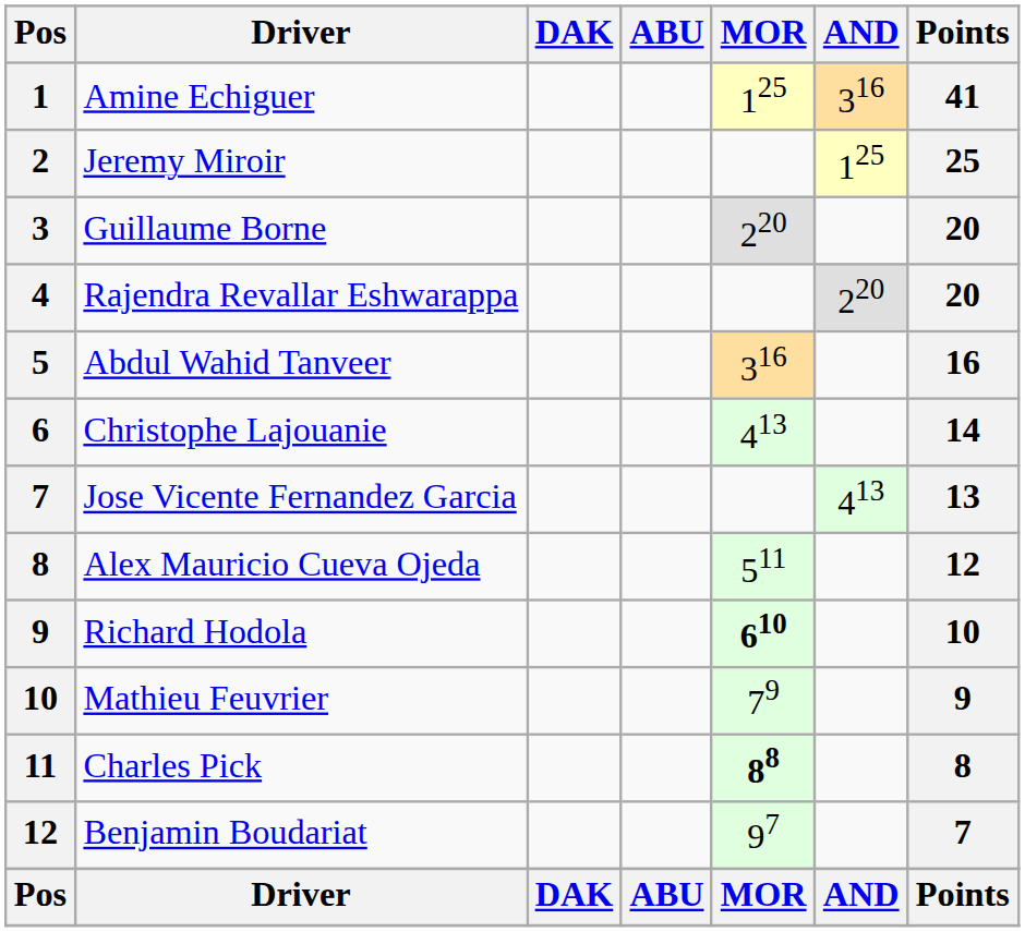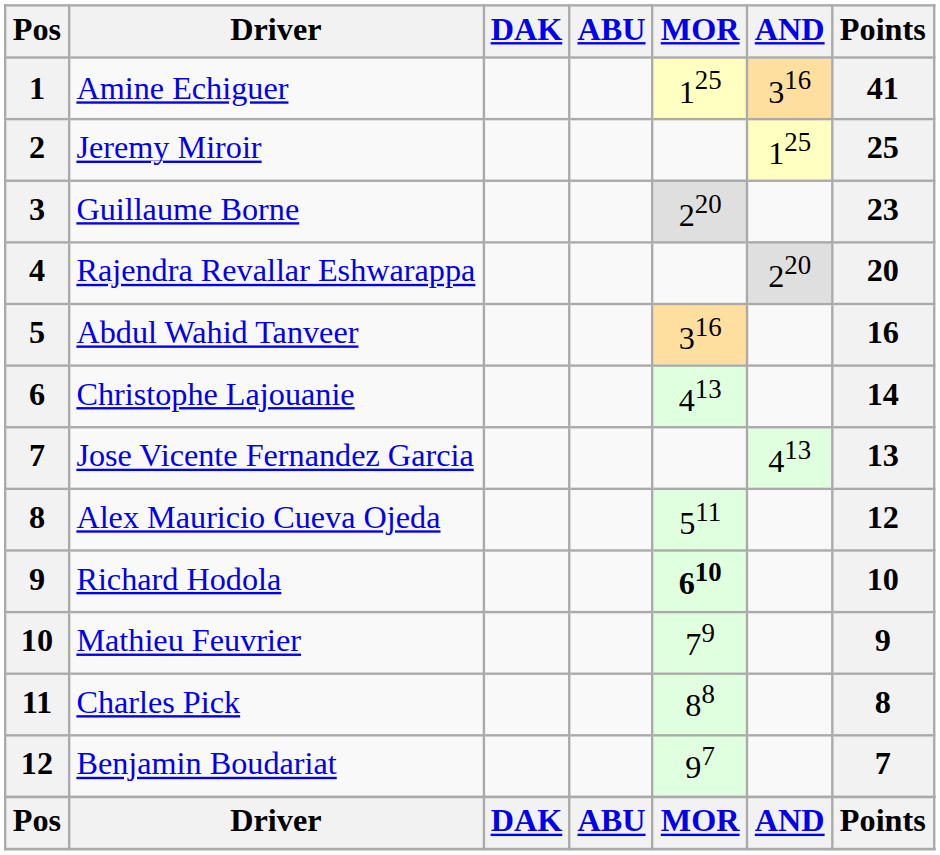 <table class="wikitable" style="font-size: 85%; text-align: center; display: inline-table;">
 <tr valign="top">
 <th valign="middle">Pos</th>
 <th valign="middle">Driver</th>
 <th><a href='#'>DAK</a><br></th>
 <th><a href='#'>ABU</a><br></th>
 <th><a href='#'>MOR</a><br></th>
 <th><a href='#'>AND</a><br></th>
 <th valign="middle">Points</th>
 </tr>
 <tr>
 <th>1</th>
 <td align=left> <a href='#'>Amine Echiguer</a></td>
 <td></td>
 <td></td>
 <td style="background:#ffffbf;">1<sup>25</sup></td>
 <td style="background:#ffdf9f;">3<sup>16</sup></td>
 <th>41</th>
 </tr>
 <tr>
 <th>2</th>
 <td align=left> <a href='#'>Jeremy Miroir</a></td>
 <td></td>
 <td></td>
 <td></td>
 <td style="background:#ffffbf;">1<sup>25</sup></td>
 <th>25</th>
 </tr>
 <tr>
 <th>3</th>
 <td align=left> <a href='#'>Guillaume Borne</a></td>
 <td></td>
 <td></td>
 <td style="background:#dfdfdf;">2<sup>20</sup></td>
 <td></td>
-<th>20</th>
+<th>23</th>
 </tr>
 <tr>
 <th>4</th>
 <td> <a href='#'>Rajendra Revallar Eshwarappa</a></td>
 <td></td>
 <td></td>
 <td></td>
 <td style="background:#dfdfdf;">2<sup>20</sup></td>
 <th>20</th>
 </tr>
 <tr>
 <th>5</th>
 <td align=left> <a href='#'>Abdul Wahid Tanveer</a></td>
 <td></td>
 <td></td>
 <td style="background:#ffdf9f;">3<sup>16</sup></td>
 <td></td>
 <th>16</th>
 </tr>
 <tr>
 <th>6</th>
 <td align=left> <a href='#'>Christophe Lajouanie</a></td>
 <td></td>
 <td></td>
 <td style="background:#dfffdf;">4<sup>13</sup></td>
 <td></td>
 <th>14</th>
 </tr>
 <tr>
 <th>7</th>
 <td align=left> <a href='#'>Jose Vicente Fernandez Garcia</a></td>
 <td></td>
 <td></td>
 <td></td>
 <td style="background:#dfffdf;">4<sup>13</sup></td>
 <th>13</th>
 </tr>
 <tr>
 <th>8</th>
 <td align=left> <a href='#'>Alex Mauricio Cueva Ojeda</a></td>
 <td></td>
 <td></td>
 <td style="background:#dfffdf;">5<sup>11</sup></td>
 <td></td>
 <th>12</th>
 </tr>
 <tr>
 <th>9</th>
 <td align=left> <a href='#'>Richard Hodola</a></td>
 <td></td>
 <td></td>
 <td style="background:#dfffdf;"><strong>6<sup>10</sup></strong></td>
 <td></td>
 <th>10</th>
 </tr>
 <tr>
 <th>10</th>
 <td align=left> <a href='#'>Mathieu Feuvrier</a></td>
 <td></td>
 <td></td>
 <td style="background:#dfffdf;">7<sup>9</sup></td>
 <td></td>
 <th>9</th>
 </tr>
 <tr>
 <th>11</th>
 <td align=left> <a href='#'>Charles Pick</a></td>
 <td></td>
 <td></td>
-<td style="background:#dfffdf;"><strong>8<sup>8</sup></strong></td>
+<td style="background:#dfffdf;">8<sup>8</sup></td>
 <td></td>
 <th>8</th>
 </tr>
 <tr>
 <th>12</th>
 <td align=left> <a href='#'>Benjamin Boudariat</a></td>
 <td></td>
 <td></td>
 <td style="background:#dfffdf;">9<sup>7</sup></td>
 <td></td>
 <th>7</th>
 </tr>
 <tr>
 </tr>
 <tr valign="top">
 <th valign="middle">Pos</th>
 <th valign="middle">Driver</th>
 <th><a href='#'>DAK</a><br></th>
 <th><a href='#'>ABU</a><br></th>
 <th><a href='#'>MOR</a><br></th>
 <th><a href='#'>AND</a><br></th>
 <th valign="middle">Points</th>
 </tr>
 <tr>
 </tr>
 </table>
